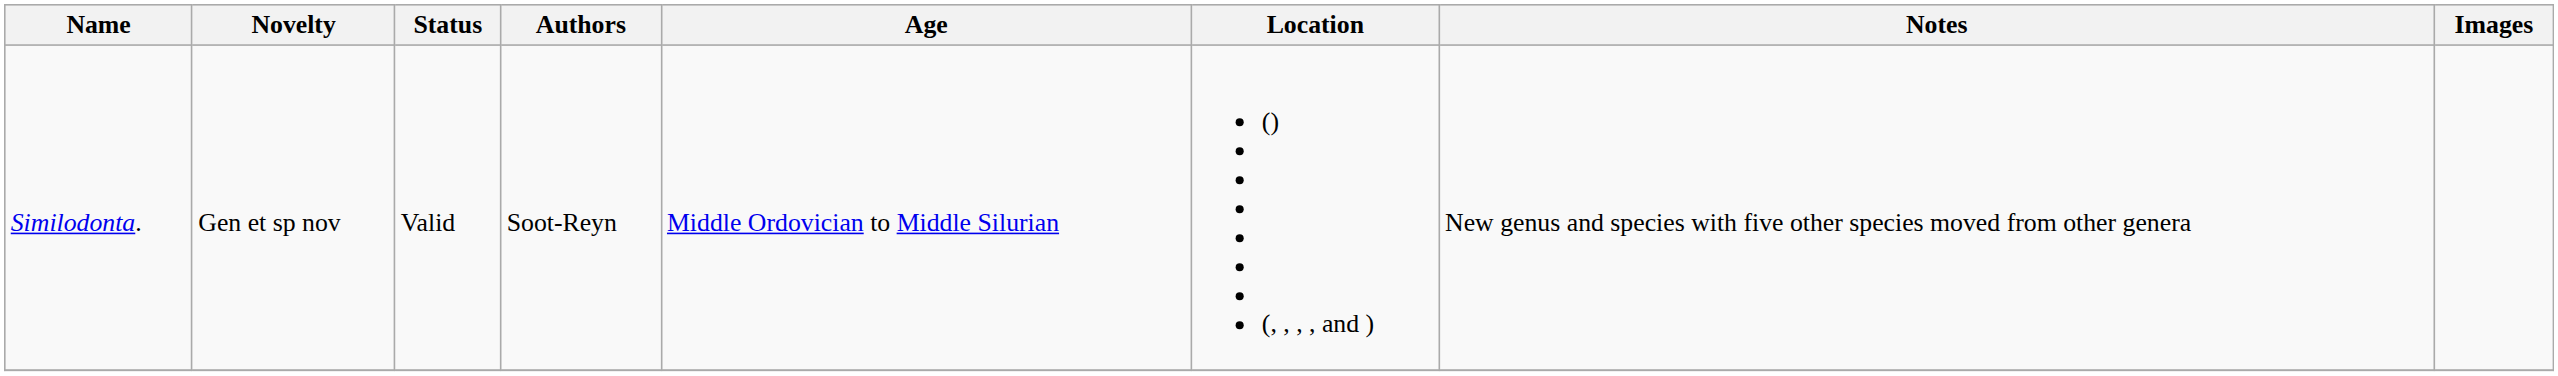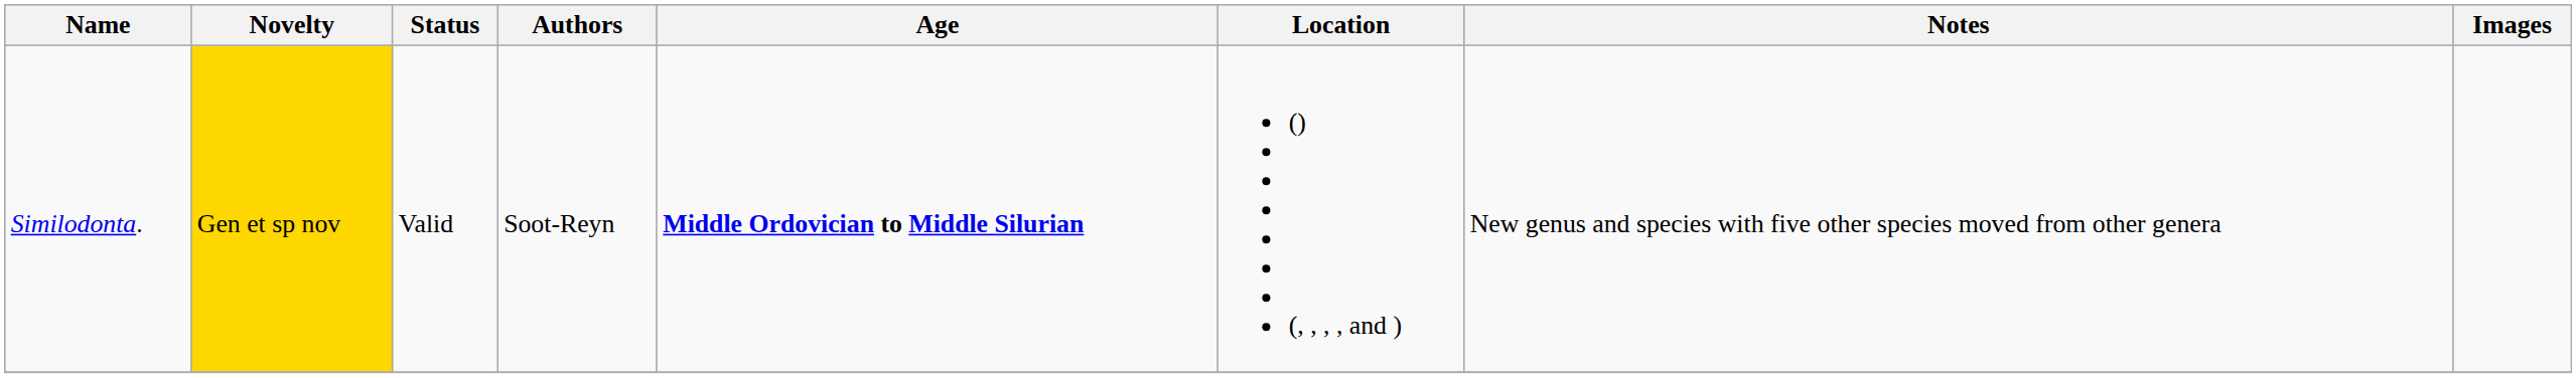 <table class="wikitable sortable" align="center" width="100%">
 <tr>
 <th>Name</th>
 <th>Novelty</th>
 <th>Status</th>
 <th>Authors</th>
 <th>Age</th>
 <th>Location</th>
 <th>Notes</th>
 <th>Images</th>
 </tr>
 <tr>
 <td><br><em><a href='#'>Similodonta</a></em>.</td>
-<td><br>Gen et sp nov</td>
+<td style="background: gold;"><br>Gen et sp nov</td>
 <td><br>Valid</td>
 <td><br>Soot-Reyn</td>
-<td><br><a href='#'>Middle Ordovician</a> to <a href='#'>Middle Silurian</a></td>
+<td><strong><br><a href='#'>Middle Ordovician</a> to <a href='#'>Middle Silurian</a></strong></td>
 <td><br><ul><li> ()</li><li></li><li></li><li></li><li></li><li></li><li></li><li> (, , , ,  and  )</li></ul></td>
 <td><br>New genus and species with five other species moved from other genera</td>
 <td></td>
 </tr>
 <tr>
 </tr>
 </table>
